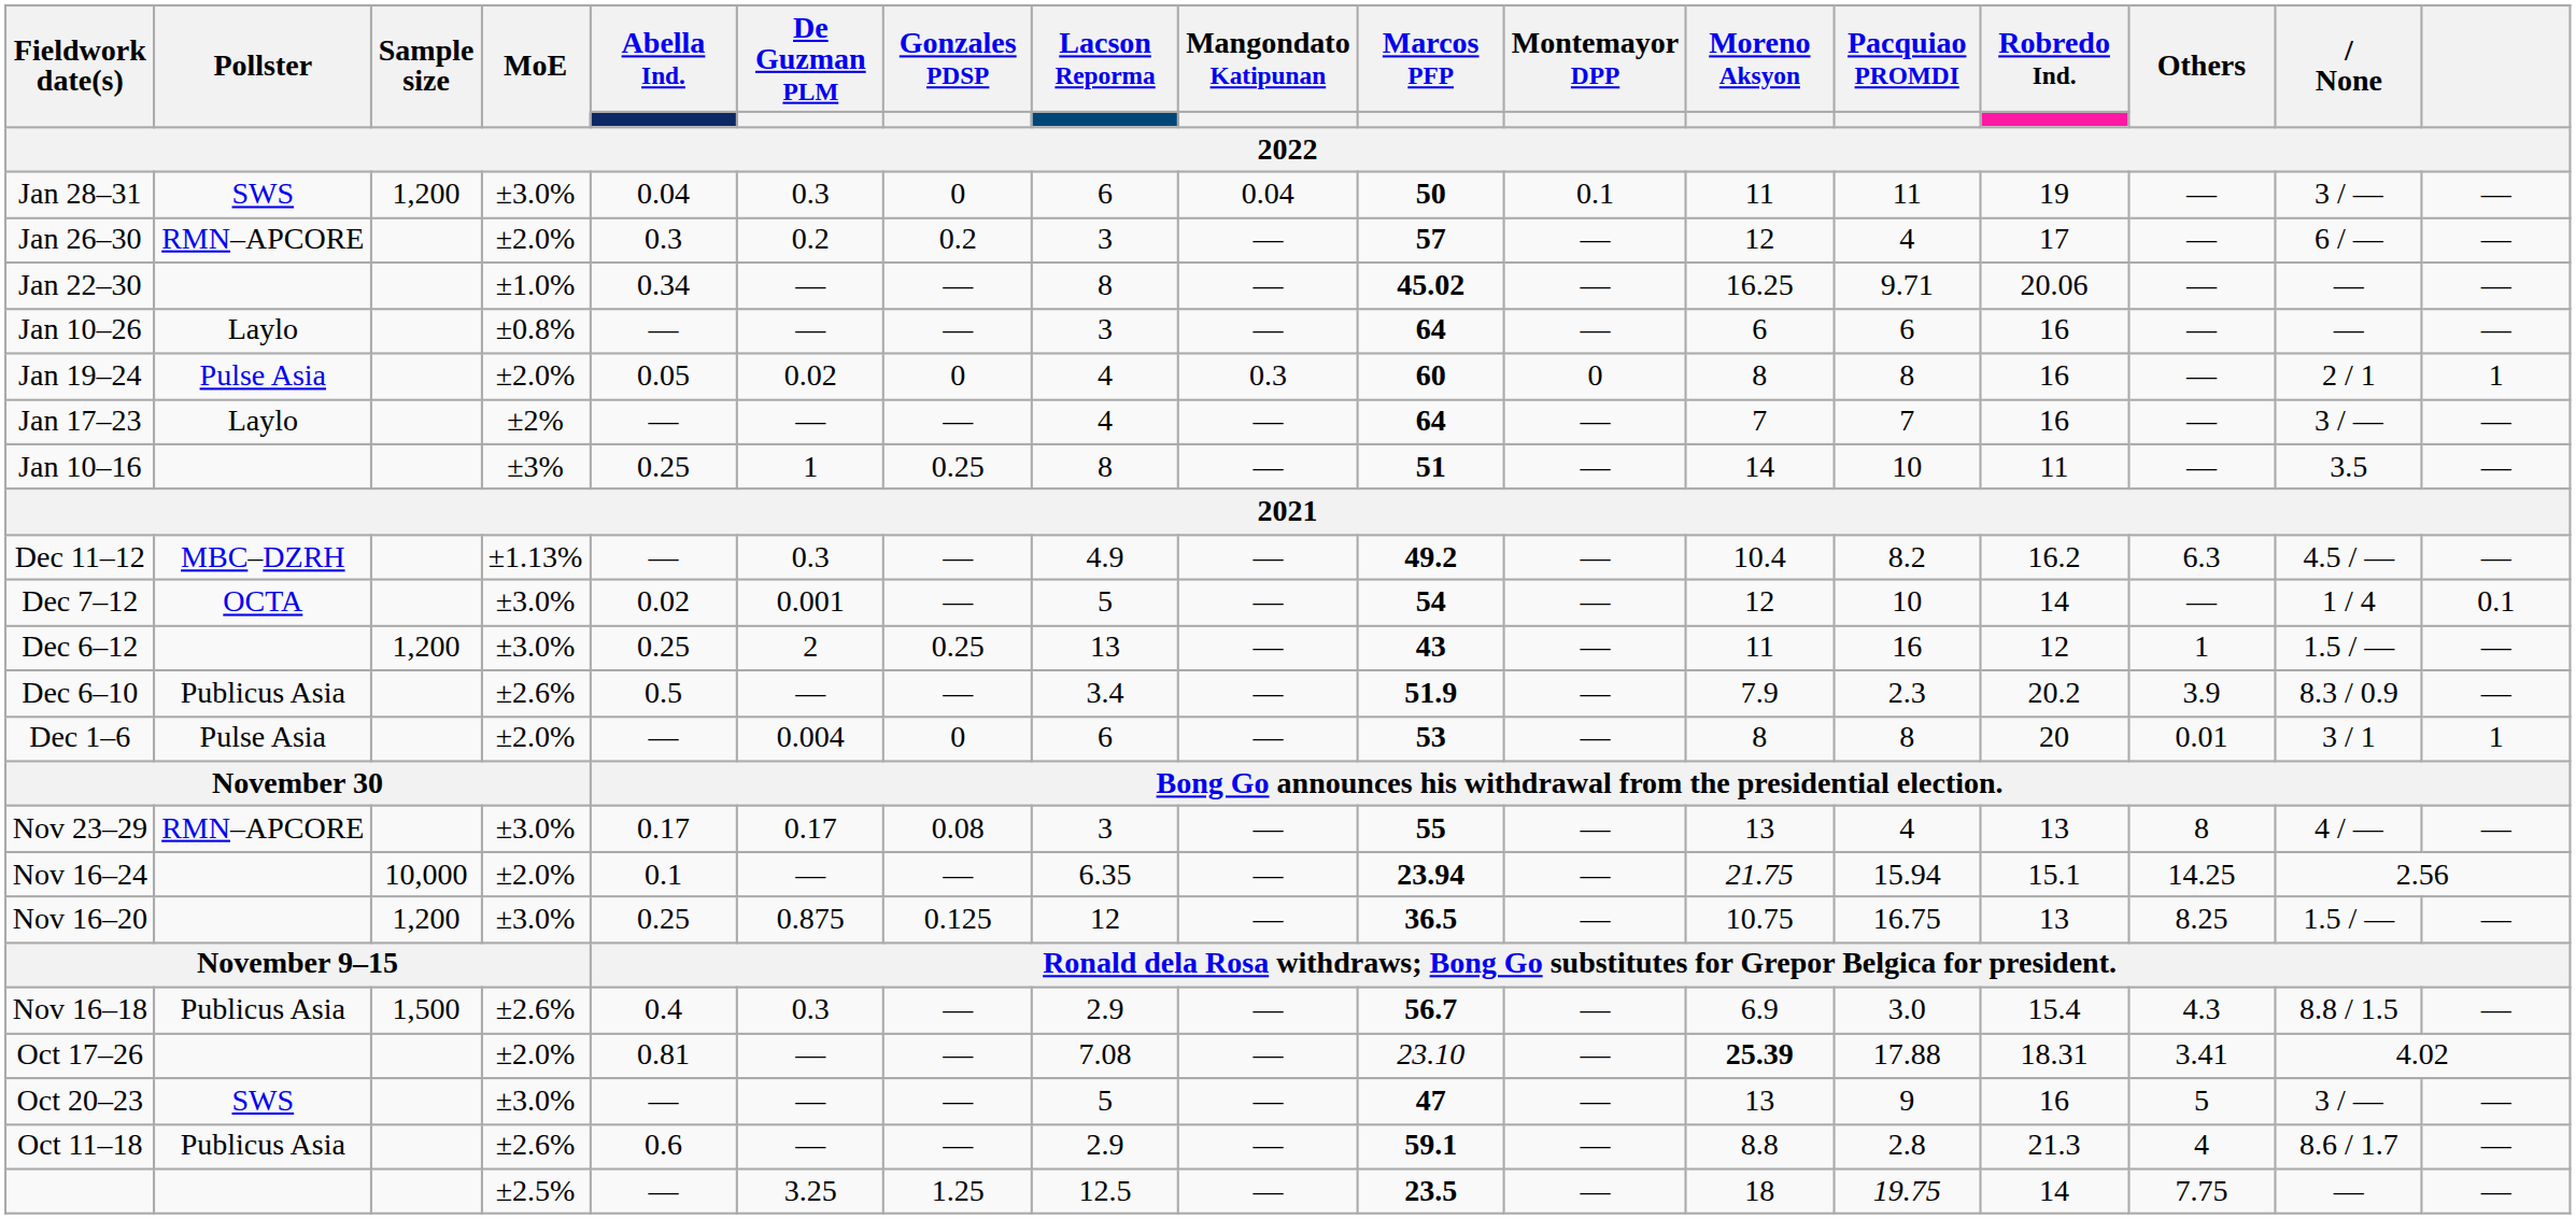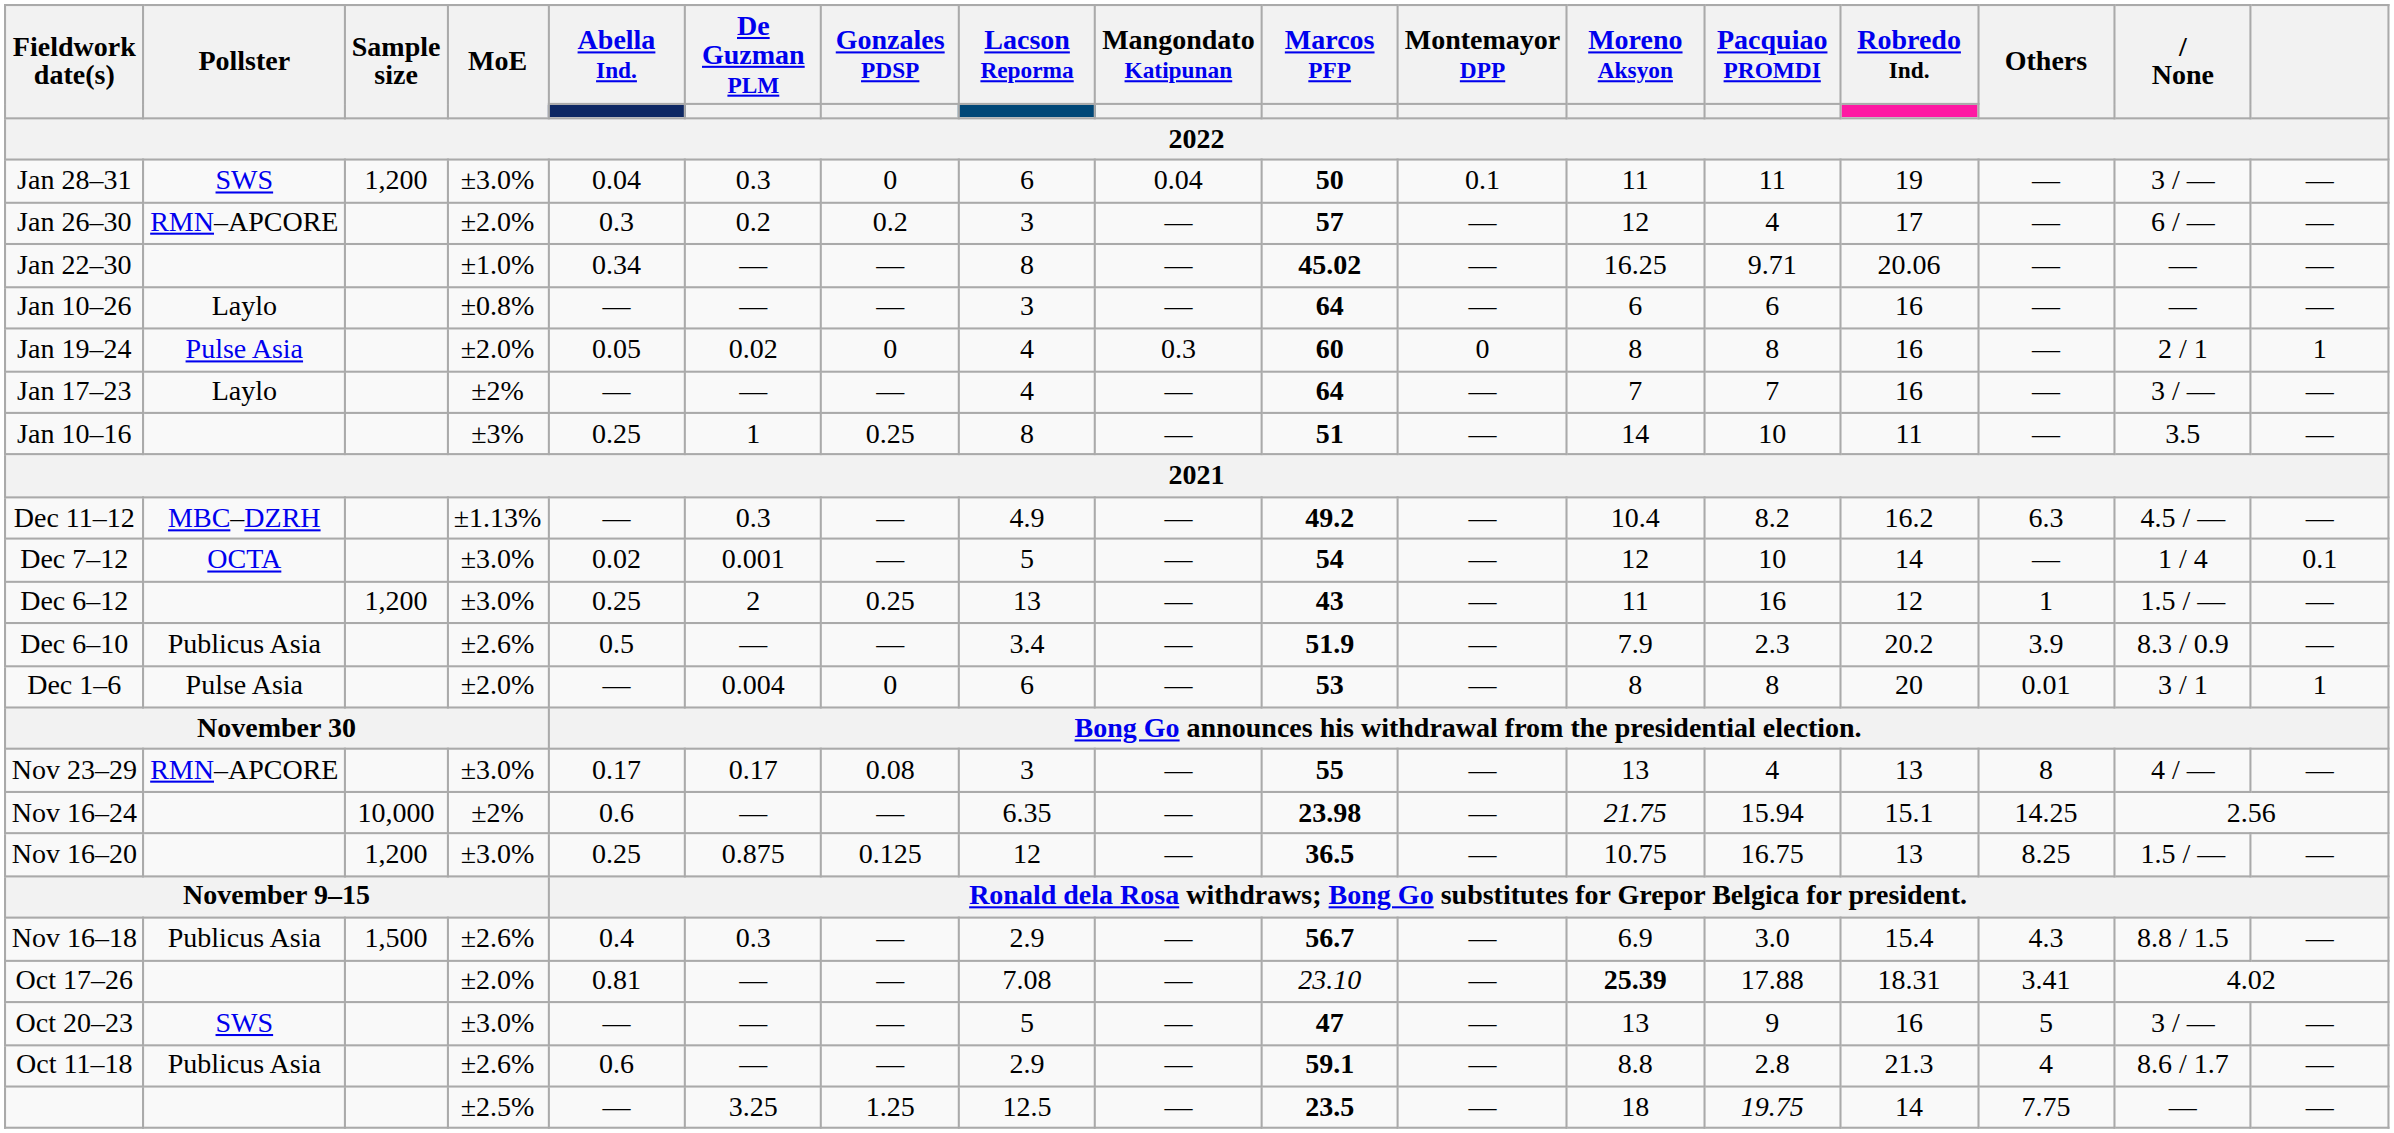 <table class="wikitable sortable" style="text-align:center;font-size:85%;line-height:14px;">
 <tr>
 <th rowspan="2">Fieldwork<br>date(s)</th>
 <th rowspan="2">Pollster</th>
 <th rowspan="2" data-sort-type="number">Sample<br>size</th>
 <th rowspan="2" data-sort-type="number"><abbr>MoE</abbr></th>
 <th class="unsortable" style="width:60px;"><a href='#'>Abella</a><br><small><a href='#'>Ind.</a></small></th>
 <th class="unsortable" style="width:60px;"><a href='#'>De Guzman</a><br><small><a href='#'>PLM</a></small></th>
 <th class="unsortable" style="width:60px;"><a href='#'>Gonzales</a><br><small><a href='#'>PDSP</a></small></th>
 <th class="unsortable" style="width:60px;"><a href='#'>Lacson</a><br><small><a href='#'>Reporma</a></small></th>
 <th class="unsortable" style="width:60px;">Mangondato<br><small><a href='#'>Katipunan</a></small></th>
 <th class="unsortable" style="width:60px;"><a href='#'>Marcos</a><br><small><a href='#'>PFP</a></small></th>
 <th class="unsortable" style="width:60px;">Montemayor<br><small><a href='#'>DPP</a></small></th>
 <th class="unsortable" style="width:60px;"><a href='#'>Moreno</a><br><small><a href='#'>Aksyon</a></small></th>
 <th class="unsortable" style="width:60px;"><a href='#'>Pacquiao</a><br><small><a href='#'>PROMDI</a></small></th>
 <th class="unsortable" style="width:60px;"><a href='#'>Robredo</a><br><small>Ind.</small></th>
 <th rowspan="2" class="unsortable" style="width:60px;">Others</th>
 <th rowspan="2" class="unsortable" style="width:60px;">/<br>None</th>
 <th rowspan="2" class="unsortable" style="width:60px;"></th>
 </tr>
 <tr>
 <th style="background:#0E2864;"></th>
 <th></th>
 <th></th>
 <th style="background:#004777;"></th>
 <th></th>
 <th></th>
 <th></th>
 <th></th>
 <th></th>
 <th style="background:#FE18A3;"></th>
 </tr>
 <tr>
 <th colspan="17">2022</th>
 </tr>
 <tr>
 <td>Jan 28–31</td>
 <td><a href='#'>SWS</a></td>
 <td>1,200</td>
 <td>±3.0%</td>
 <td>0.04</td>
 <td>0.3</td>
 <td>0</td>
 <td>6</td>
 <td>0.04</td>
 <td style="background:#"><strong>50</strong></td>
 <td>0.1</td>
 <td>11</td>
 <td>11</td>
 <td>19</td>
 <td>—</td>
 <td>3 / —</td>
 <td>—</td>
 </tr>
 <tr>
 <td data-sort-value="2022-02-13">Jan 26–30</td>
 <td><a href='#'>RMN</a>–APCORE</td>
 <td></td>
 <td>±2.0%</td>
 <td>0.3</td>
 <td>0.2</td>
 <td>0.2</td>
 <td>3</td>
 <td>—</td>
 <td style="background:#"><strong>57</strong></td>
 <td>—</td>
 <td>12</td>
 <td>4</td>
 <td>17</td>
 <td>—</td>
 <td>6 / —</td>
 <td>—</td>
 </tr>
 <tr>
 <td>Jan 22–30</td>
 <td></td>
 <td></td>
 <td>±1.0%</td>
 <td>0.34</td>
 <td>—</td>
 <td>—</td>
 <td>8</td>
 <td>—</td>
 <td style="background:#"><strong>45.02</strong></td>
 <td>—</td>
 <td>16.25</td>
 <td>9.71</td>
 <td>20.06</td>
 <td>—</td>
 <td>—</td>
 <td>—</td>
 </tr>
 <tr>
 <td>Jan 10–26</td>
 <td>Laylo</td>
 <td></td>
 <td>±0.8%</td>
 <td>—</td>
 <td>—</td>
 <td>—</td>
 <td>3</td>
 <td>—</td>
 <td style="background:#"><strong>64</strong></td>
 <td>—</td>
 <td>6</td>
 <td>6</td>
 <td>16</td>
 <td>—</td>
 <td>—</td>
 <td>—</td>
 </tr>
 <tr>
 <td>Jan 19–24</td>
 <td><a href='#'>Pulse Asia</a></td>
 <td></td>
 <td>±2.0%</td>
 <td>0.05</td>
 <td>0.02</td>
 <td>0</td>
 <td>4</td>
 <td>0.3</td>
 <td style="background:#"><strong>60</strong></td>
 <td>0</td>
 <td>8</td>
 <td>8</td>
 <td>16</td>
 <td>—</td>
 <td>2 / 1</td>
 <td>1</td>
 </tr>
 <tr>
 <td>Jan 17–23</td>
 <td>Laylo</td>
 <td></td>
 <td>±2%</td>
 <td>—</td>
 <td>—</td>
 <td>—</td>
 <td>4</td>
 <td>—</td>
 <td style="background:#"><strong>64</strong></td>
 <td>—</td>
 <td>7</td>
 <td>7</td>
 <td>16</td>
 <td>—</td>
 <td>3 / —</td>
 <td>—</td>
 </tr>
 <tr>
 <td data-sort-value="2022-01-30">Jan 10–16</td>
 <td></td>
 <td></td>
 <td>±3%</td>
 <td>0.25</td>
 <td>1</td>
 <td>0.25</td>
 <td>8</td>
 <td>—</td>
 <td style="background:#"><strong>51</strong></td>
 <td>—</td>
 <td>14</td>
 <td>10</td>
 <td>11</td>
 <td>—</td>
 <td>3.5</td>
 <td>—</td>
 </tr>
 <tr>
 <th colspan="17">2021</th>
 </tr>
 <tr>
 <td data-sort-value="2021-12-16">Dec 11–12</td>
 <td><a href='#'>MBC</a>–<a href='#'>DZRH</a></td>
 <td></td>
 <td>±1.13%</td>
 <td>—</td>
 <td>0.3</td>
 <td>—</td>
 <td>4.9</td>
 <td>—</td>
 <td style="background:#"><strong>49.2</strong></td>
 <td>—</td>
 <td>10.4</td>
 <td>8.2</td>
 <td>16.2</td>
 <td>6.3</td>
 <td>4.5 / —</td>
 <td>—</td>
 </tr>
 <tr>
 <td data-sort-value="2021-12-26">Dec 7–12</td>
 <td><a href='#'>OCTA</a></td>
 <td></td>
 <td>±3.0%</td>
 <td>0.02</td>
 <td>0.001</td>
 <td>—</td>
 <td>5</td>
 <td>—</td>
 <td style="background:#"><strong>54</strong></td>
 <td>—</td>
 <td>12</td>
 <td>10</td>
 <td>14</td>
 <td>—</td>
 <td>1 / 4</td>
 <td>0.1</td>
 </tr>
 <tr>
 <td data-sort-value="2021-12-17">Dec 6–12</td>
 <td></td>
 <td>1,200</td>
 <td>±3.0%</td>
 <td>0.25</td>
 <td>2</td>
 <td>0.25</td>
 <td>13</td>
 <td>—</td>
 <td style="background:#"><strong>43</strong></td>
 <td>—</td>
 <td>11</td>
 <td>16</td>
 <td>12</td>
 <td>1</td>
 <td>1.5 / —</td>
 <td>—</td>
 </tr>
 <tr>
 <td data-sort-value="2021-12-13">Dec 6–10</td>
 <td>Publicus Asia</td>
 <td></td>
 <td>±2.6%</td>
 <td>0.5</td>
 <td>—</td>
 <td>—</td>
 <td>3.4</td>
 <td>—</td>
 <td style="background:#"><strong>51.9</strong></td>
 <td>—</td>
 <td>7.9</td>
 <td>2.3</td>
 <td>20.2</td>
 <td>3.9</td>
 <td>8.3 / 0.9</td>
 <td>—</td>
 </tr>
 <tr>
 <td data-sort-value="2021-12-22">Dec 1–6</td>
 <td>Pulse Asia</td>
 <td></td>
 <td>±2.0%</td>
 <td>—</td>
 <td>0.004</td>
 <td>0</td>
 <td>6</td>
 <td>—</td>
 <td style="background:#"><strong>53</strong></td>
 <td>—</td>
 <td>8</td>
 <td>8</td>
 <td>20</td>
 <td>0.01</td>
 <td>3 / 1</td>
 <td>1</td>
 </tr>
 <tr>
 <th colspan="4">November 30</th>
 <th colspan="13"><a href='#'>Bong Go</a> announces his withdrawal from the presidential election.</th>
 </tr>
 <tr>
 <td data-sort-value="2021-12-17">Nov 23–29</td>
 <td><a href='#'>RMN</a>–APCORE</td>
 <td></td>
 <td>±3.0%</td>
 <td>0.17</td>
 <td>0.17</td>
 <td>0.08</td>
 <td>3</td>
 <td>—</td>
 <td style="background:#"><strong>55</strong></td>
 <td>—</td>
 <td>13</td>
 <td>4</td>
 <td>13</td>
 <td>8</td>
 <td>4 / —</td>
 <td>—</td>
 </tr>
 <tr>
 <td data-sort-value="2021-11-24">Nov 16–24</td>
 <td></td>
 <td>10,000</td>
-<td>±2.0%</td>
-<td>0.1</td>
+<td>±2%</td>
+<td>0.6</td>
 <td>—</td>
 <td>—</td>
 <td>6.35</td>
 <td>—</td>
-<td style="background:#"><strong>23.94</strong></td>
+<td style="background:#"><strong>23.98</strong></td>
 <td>—</td>
 <td style="background:#"><em>21.75</em></td>
 <td>15.94</td>
 <td>15.1</td>
 <td>14.25</td>
 <td colspan="2">2.56</td>
 </tr>
 <tr>
 <td data-sort-value="2021-11-20">Nov 16–20</td>
 <td></td>
 <td>1,200</td>
 <td>±3.0%</td>
 <td>0.25</td>
 <td>0.875</td>
 <td>0.125</td>
 <td>12</td>
 <td>—</td>
 <td style="background:#"><strong>36.5</strong></td>
 <td>—</td>
 <td>10.75</td>
 <td>16.75</td>
 <td>13</td>
 <td>8.25</td>
 <td>1.5 / —</td>
 <td>—</td>
 </tr>
 <tr>
 <th colspan="4">November 9–15</th>
 <th colspan="13"><a href='#'>Ronald dela Rosa</a> withdraws; <a href='#'>Bong Go</a> substitutes for Grepor Belgica for president.</th>
 </tr>
 <tr>
 <td data-sort-value="2021-11-18">Nov 16–18</td>
 <td>Publicus Asia</td>
 <td>1,500</td>
 <td>±2.6%</td>
 <td>0.4</td>
 <td>0.3</td>
 <td>—</td>
 <td>2.9</td>
 <td>—</td>
 <td style="background:#"><strong>56.7</strong></td>
 <td>—</td>
 <td>6.9</td>
 <td>3.0</td>
 <td>15.4</td>
 <td>4.3</td>
 <td>8.8 / 1.5</td>
 <td>—</td>
 </tr>
 <tr>
 <td data-sort-value="2021-10-26">Oct 17–26</td>
 <td></td>
 <td></td>
 <td>±2.0%</td>
 <td>0.81</td>
 <td>—</td>
 <td>—</td>
 <td>7.08</td>
 <td>—</td>
 <td style="background:#"><em>23.10</em></td>
 <td>—</td>
 <td style="background:#"><strong>25.39</strong></td>
 <td>17.88</td>
 <td>18.31</td>
 <td>3.41</td>
 <td colspan="2">4.02</td>
 </tr>
 <tr>
 <td data-sort-value="2021-10-23">Oct 20–23</td>
 <td><a href='#'>SWS</a></td>
 <td></td>
 <td>±3.0%</td>
 <td>—</td>
 <td>—</td>
 <td>—</td>
 <td>5</td>
 <td>—</td>
 <td style="background:#"><strong>47</strong></td>
 <td>—</td>
 <td>13</td>
 <td>9</td>
 <td>16</td>
 <td>5</td>
 <td>3 / —</td>
 <td>—</td>
 </tr>
 <tr>
 <td data-sort-value="2021-10-18">Oct 11–18</td>
 <td>Publicus Asia</td>
 <td></td>
 <td>±2.6%</td>
 <td>0.6</td>
 <td>—</td>
 <td>—</td>
 <td>2.9</td>
 <td>—</td>
 <td style="background:#"><strong>59.1</strong></td>
 <td>—</td>
 <td>8.8</td>
 <td>2.8</td>
 <td>21.3</td>
 <td>4</td>
 <td>8.6 / 1.7</td>
 <td>—</td>
 </tr>
 <tr>
 <td data-sort-value="2021-10-08"></td>
 <td></td>
 <td></td>
 <td>±2.5%</td>
 <td>—</td>
 <td>3.25</td>
 <td>1.25</td>
 <td>12.5</td>
 <td>—</td>
 <td style="background:#"><strong>23.5</strong></td>
 <td>—</td>
 <td>18</td>
 <td style="background:#"><em>19.75</em></td>
 <td>14</td>
 <td>7.75</td>
 <td>—</td>
 <td>—</td>
 </tr>
 </table>
